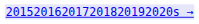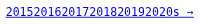 <table id=toc class=toc summary=Contents>
 <tr>
 <th></th>
 </tr>
 <tr>
-<td align=center style="background: lavender;"><a href='#'>2015</a><a href='#'>2016</a><a href='#'>2017</a><a href='#'>2018</a><a href='#'>2019</a><a href='#'>2020s →</a></td>
+<td align=center><a href='#'>2015</a><a href='#'>2016</a><a href='#'>2017</a><a href='#'>2018</a><a href='#'>2019</a><a href='#'>2020s →</a></td>
 </tr>
 </table>
